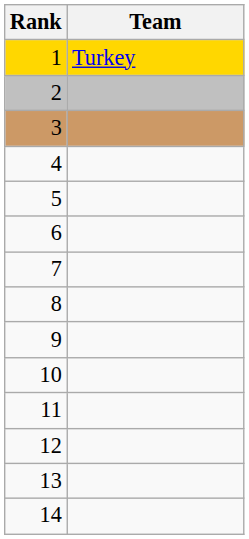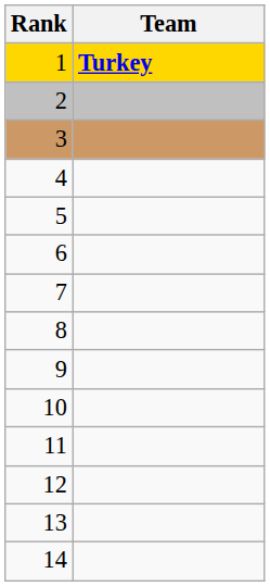 <table class=wikitable>
 <tr>
 <th width=20>Rank</th>
 <th width=120>Team</th>
 </tr>
 <tr bgcolor=gold>
 <td align=right>1</td>
-<td> <a href='#'>Turkey</a></td>
+<td><strong> <a href='#'>Turkey</a></strong></td>
 </tr>
 <tr bgcolor=silver>
 <td align=right>2</td>
 <td></td>
 </tr>
 <tr bgcolor=#c96>
 <td align=right>3</td>
 <td></td>
 </tr>
 <tr>
 <td align=right>4</td>
 <td></td>
 </tr>
 <tr>
 <td align=right>5</td>
 <td></td>
 </tr>
 <tr>
 <td align=right>6</td>
 <td></td>
 </tr>
 <tr>
 <td align=right>7</td>
 <td></td>
 </tr>
 <tr>
 <td align=right>8</td>
 <td></td>
 </tr>
 <tr>
 <td align=right>9</td>
 <td></td>
 </tr>
 <tr>
 <td align=right>10</td>
 <td></td>
 </tr>
 <tr>
 <td align=right>11</td>
 <td></td>
 </tr>
 <tr>
 <td align=right>12</td>
 <td></td>
 </tr>
 <tr>
 <td align=right>13</td>
 <td></td>
 </tr>
 <tr>
 <td align=right>14</td>
 <td></td>
 </tr>
 </table>
